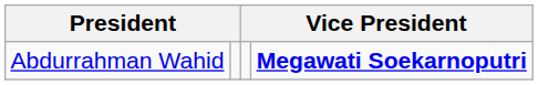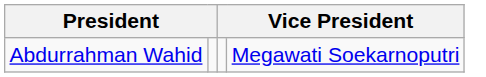 <table class="wikitable">
 <tr>
 <th colspan="2">President</th>
 <th colspan="2">Vice President</th>
 </tr>
 <tr>
 <td align="right"><a href='#'>Abdurrahman Wahid</a></td>
 <td align="right"></td>
 <td align="left"></td>
-<td align="left"><strong><a href='#'>Megawati Soekarnoputri</a></strong></td>
+<td align="left"><a href='#'>Megawati Soekarnoputri</a></td>
 </tr>
 </table>
